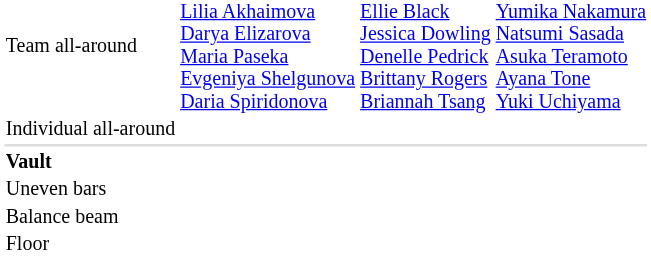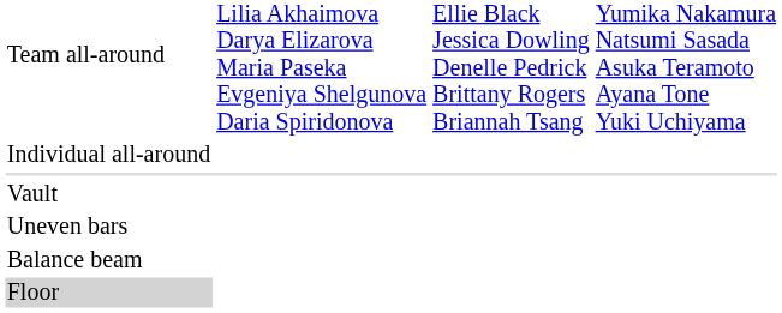 <table>
 <tr>
 <td>Team all-around<br></td>
 <td><br><a href='#'>Lilia Akhaimova</a><br><a href='#'>Darya Elizarova</a><br><a href='#'>Maria Paseka</a><br><a href='#'>Evgeniya Shelgunova</a><br><a href='#'>Daria Spiridonova</a></td>
 <td><br><a href='#'>Ellie Black</a><br><a href='#'>Jessica Dowling</a><br><a href='#'>Denelle Pedrick</a><br><a href='#'>Brittany Rogers</a><br><a href='#'>Briannah Tsang</a></td>
 <td><br><a href='#'>Yumika Nakamura</a><br><a href='#'>Natsumi Sasada</a><br><a href='#'>Asuka Teramoto</a><br><a href='#'>Ayana Tone</a><br><a href='#'>Yuki Uchiyama</a></td>
 </tr>
 <tr>
 <td>Individual all-around<br></td>
 <td></td>
 <td></td>
 <td></td>
 </tr>
 <tr bgcolor=#DDDDDD>
 <td colspan=7></td>
 </tr>
 <tr>
-<td><strong>Vault<br></strong></td>
+<td>Vault<br></td>
 <td></td>
 <td></td>
 <td></td>
 </tr>
 <tr>
 <td>Uneven bars<br></td>
 <td></td>
 <td></td>
 <td></td>
 </tr>
 <tr>
 <td>Balance beam<br></td>
 <td></td>
 <td></td>
 <td></td>
 </tr>
 <tr>
-<td>Floor<br></td>
+<td style="background: lightgrey;">Floor<br></td>
 <td></td>
 <td></td>
 <td></td>
 </tr>
 </table>
